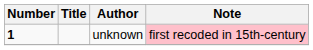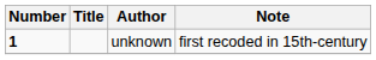 <table class="wikitable">
 <tr>
 <th>Number</th>
 <th>Title</th>
 <th>Author</th>
 <th>Note</th>
 </tr>
 <tr>
 <td><strong>1</strong></td>
 <td></td>
 <td>unknown</td>
-<td style="background: pink;">first recoded in 15th-century</td>
+<td>first recoded in 15th-century</td>
 </tr>
 <tr>
 </tr>
 </table>
